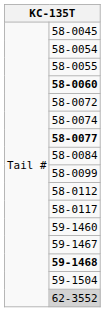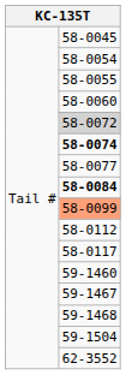 <table class="wikitable">
 <tr>
 <th colspan="2">KC-135T</th>
 </tr>
 <tr>
 <td rowspan="16">Tail #</td>
 <td>58-0045</td>
 </tr>
 <tr>
 <td>58-0054</td>
 </tr>
 <tr>
 <td>58-0055</td>
 </tr>
 <tr>
-<td><strong>58-0060</strong></td>
+<td>58-0060</td>
 </tr>
 <tr>
-<td>58-0072</td>
+<td style="background: lightgrey;">58-0072</td>
 </tr>
 <tr>
-<td>58-0074</td>
+<td><strong>58-0074</strong></td>
 </tr>
 <tr>
-<td><strong>58-0077</strong></td>
+<td>58-0077</td>
 </tr>
 <tr>
-<td>58-0084</td>
+<td><strong>58-0084</strong></td>
 </tr>
 <tr>
-<td>58-0099</td>
+<td style="background: lightsalmon;">58-0099</td>
 </tr>
 <tr>
 <td>58-0112</td>
 </tr>
 <tr>
 <td>58-0117</td>
 </tr>
 <tr>
 <td>59-1460</td>
 </tr>
 <tr>
 <td>59-1467</td>
 </tr>
 <tr>
-<td><strong>59-1468</strong></td>
+<td>59-1468</td>
 </tr>
 <tr>
 <td>59-1504</td>
 </tr>
 <tr>
-<td style="background: lightgrey;">62-3552</td>
+<td>62-3552</td>
 </tr>
 </table>
